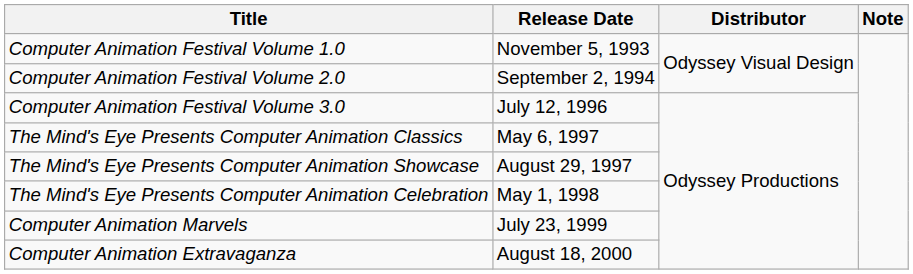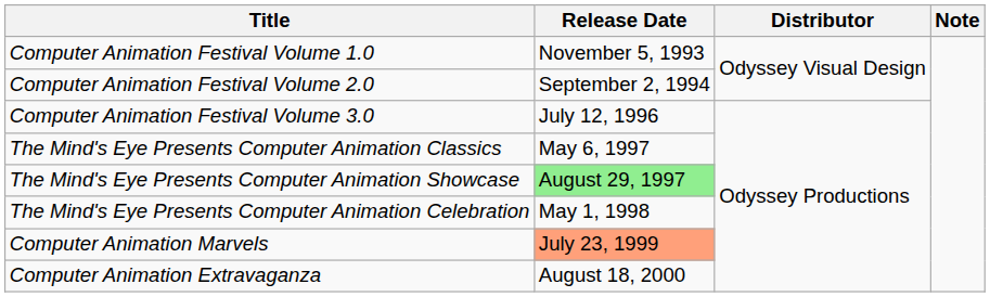 <table class = "wikitable unsortable">
 <tr>
 <th>Title</th>
 <th>Release Date</th>
 <th>Distributor</th>
 <th>Note</th>
 </tr>
 <tr>
 <td><em>Computer Animation Festival Volume 1.0</em></td>
 <td>November 5, 1993</td>
 <td rowspan="2">Odyssey Visual Design</td>
 <td rowspan="8"></td>
 </tr>
 <tr>
 <td><em>Computer Animation Festival Volume 2.0</em></td>
 <td>September 2, 1994</td>
 </tr>
 <tr>
 <td><em>Computer Animation Festival Volume 3.0</em></td>
 <td>July 12, 1996</td>
 <td rowspan="6">Odyssey Productions</td>
 </tr>
 <tr>
 <td><em>The Mind's Eye Presents Computer Animation Classics</em></td>
 <td>May 6, 1997</td>
 </tr>
 <tr>
 <td><em>The Mind's Eye Presents Computer Animation Showcase</em></td>
-<td>August 29, 1997</td>
+<td style="background: lightgreen;">August 29, 1997</td>
 </tr>
 <tr>
 <td><em>The Mind's Eye Presents Computer Animation Celebration</em></td>
 <td>May 1, 1998</td>
 </tr>
 <tr>
 <td><em>Computer Animation Marvels</em></td>
-<td>July 23, 1999</td>
+<td style="background: lightsalmon;">July 23, 1999</td>
 </tr>
 <tr>
 <td><em>Computer Animation Extravaganza</em></td>
 <td>August 18, 2000</td>
 </tr>
 </table>
